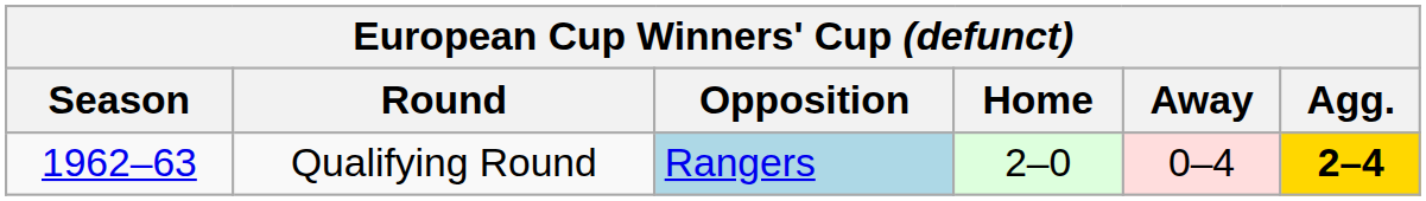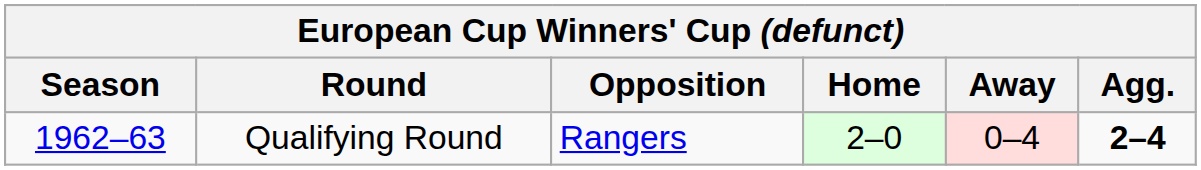 <table class="wikitable collapsible">
 <tr>
 <th colspan="6" width="560">European Cup Winners' Cup <em>(defunct)</em></th>
 </tr>
 <tr>
 <th>Season</th>
 <th>Round</th>
 <th>Opposition</th>
 <th>Home</th>
 <th>Away</th>
 <th>Agg.</th>
 </tr>
 <tr>
 <td style="text-align:center;"><a href='#'>1962–63</a></td>
 <td style="text-align:center;">Qualifying Round</td>
-<td style="background: lightblue;"> <a href='#'>Rangers</a></td>
+<td> <a href='#'>Rangers</a></td>
 <td style="text-align:center; background:#dfd;">2–0</td>
 <td style="text-align:center; background:#fdd;">0–4</td>
-<td style="background: gold; text-align:center;"><strong>2–4</strong></td>
+<td style="text-align:center;"><strong>2–4</strong></td>
 </tr>
 </table>
